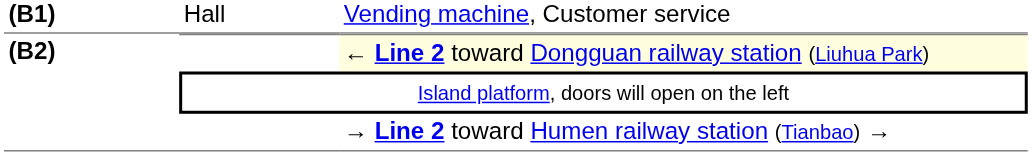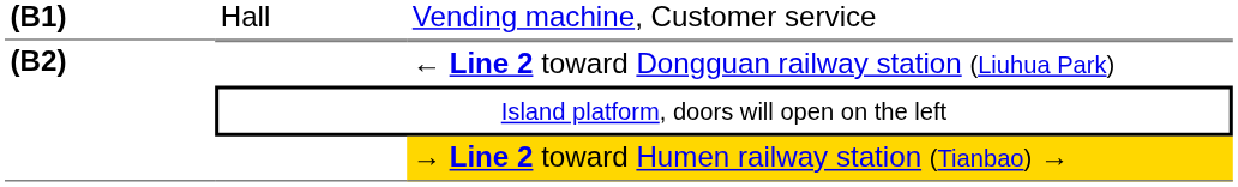 <table table border=0 cellspacing=0 cellpadding=3>
 <tr>
 <td style="border-bottom:solid 1px gray;border-top:solid 0px gray;" width=110 valign=top><strong>(B1)</strong></td>
 <td style="border-top:solid 0px gray;border-bottom:solid 1px gray;" width=100 valign=top>Hall</td>
 <td style="border-top:solid 0px gray;border-bottom:solid 1px gray;" width=390 valign=top><a href='#'>Vending machine</a>, Customer service</td>
 </tr>
 <tr>
 <td style="border-top:solid 0px gray;border-bottom:solid 1px gray;" width=110 rowspan=3 valign=top><strong>(B2)</strong></td>
 <td style="border-top:solid 1px gray;" width=100><span></span></td>
-<td style="background: lightyellow; border-top:solid 1px gray;" width=450>← <a href='#'><span><strong>Line 2</strong></span></a> toward <a href='#'>Dongguan railway station</a> <small>(<a href='#'>Liuhua Park</a>)</small></td>
+<td style="border-top:solid 1px gray;" width=450>← <a href='#'><span><strong>Line 2</strong></span></a> toward <a href='#'>Dongguan railway station</a> <small>(<a href='#'>Liuhua Park</a>)</small></td>
 </tr>
 <tr>
 <td style="border-top:solid 2px black;border-right:solid 2px black;border-left:solid 2px black;border-bottom:solid 2px black;text-align:center;" colspan=2><small><a href='#'>Island platform</a>, doors will open on the left</small></td>
 </tr>
 <tr>
 <td style="border-bottom:solid 1px gray;" width=100><span></span></td>
-<td style="border-bottom:solid 1px gray;" width=390><span>→</span> <a href='#'><span><strong>Line 2</strong></span></a> toward <a href='#'>Humen railway station</a> <small>(<a href='#'>Tianbao</a>)</small> →</td>
+<td style="background: gold; border-bottom:solid 1px gray;" width=390><span>→</span> <a href='#'><span><strong>Line 2</strong></span></a> toward <a href='#'>Humen railway station</a> <small>(<a href='#'>Tianbao</a>)</small> →</td>
 </tr>
 </table>
